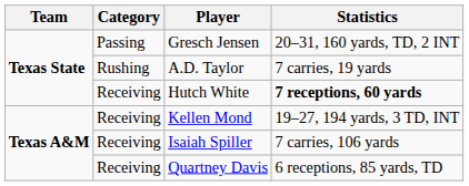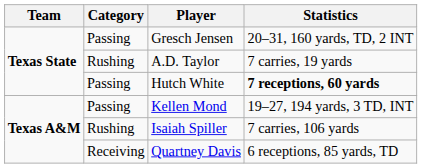 <table class="wikitable" style="float: right;">
 <tr>
 <th>Team</th>
 <th>Category</th>
 <th>Player</th>
 <th>Statistics</th>
 </tr>
 <tr>
 <td rowspan=3><strong>Texas State</strong></td>
 <td>Passing</td>
 <td>Gresch Jensen</td>
 <td>20–31, 160 yards, TD, 2 INT</td>
 </tr>
 <tr>
 <td>Rushing</td>
 <td>A.D. Taylor</td>
 <td>7 carries, 19 yards</td>
 </tr>
 <tr>
-<td>Receiving</td>
+<td>Passing</td>
 <td>Hutch White</td>
 <td><strong>7 receptions, 60 yards</strong></td>
 </tr>
 <tr>
 <td rowspan=3><strong>Texas A&M</strong></td>
-<td>Receiving</td>
+<td>Passing</td>
 <td><a href='#'>Kellen Mond</a></td>
 <td>19–27, 194 yards, 3 TD, INT</td>
 </tr>
 <tr>
-<td>Receiving</td>
+<td>Rushing</td>
 <td><a href='#'>Isaiah Spiller</a></td>
 <td>7 carries, 106 yards</td>
 </tr>
 <tr>
 <td>Receiving</td>
 <td><a href='#'>Quartney Davis</a></td>
 <td>6 receptions, 85 yards, TD</td>
 </tr>
 </table>
